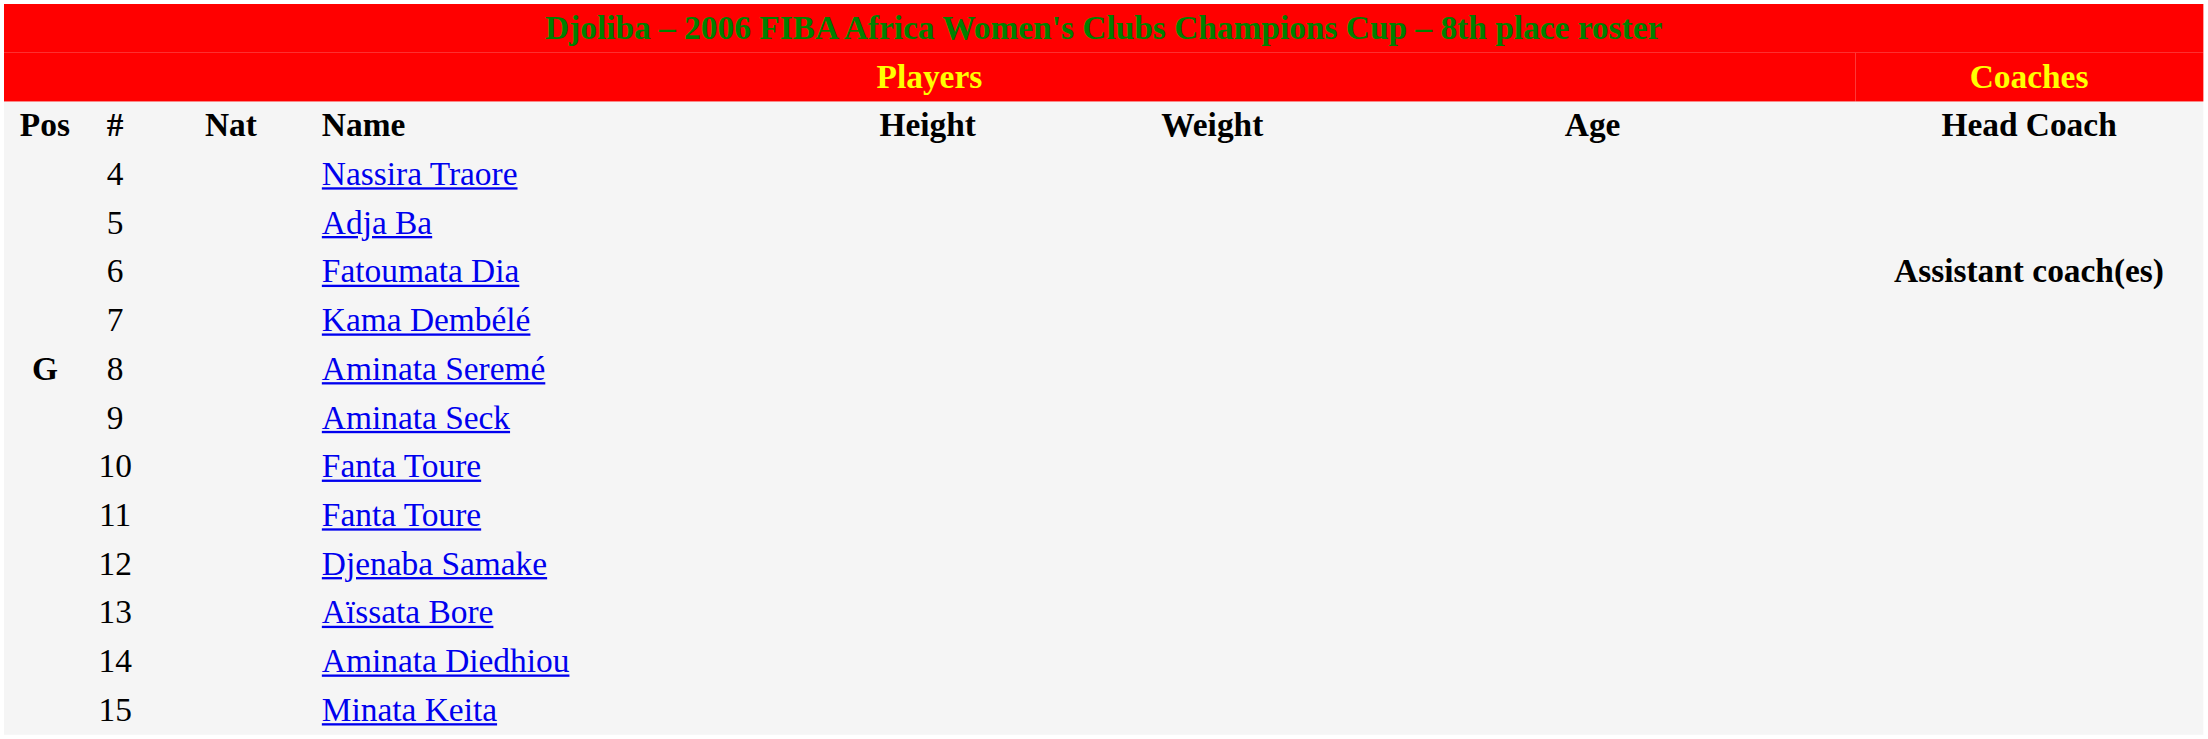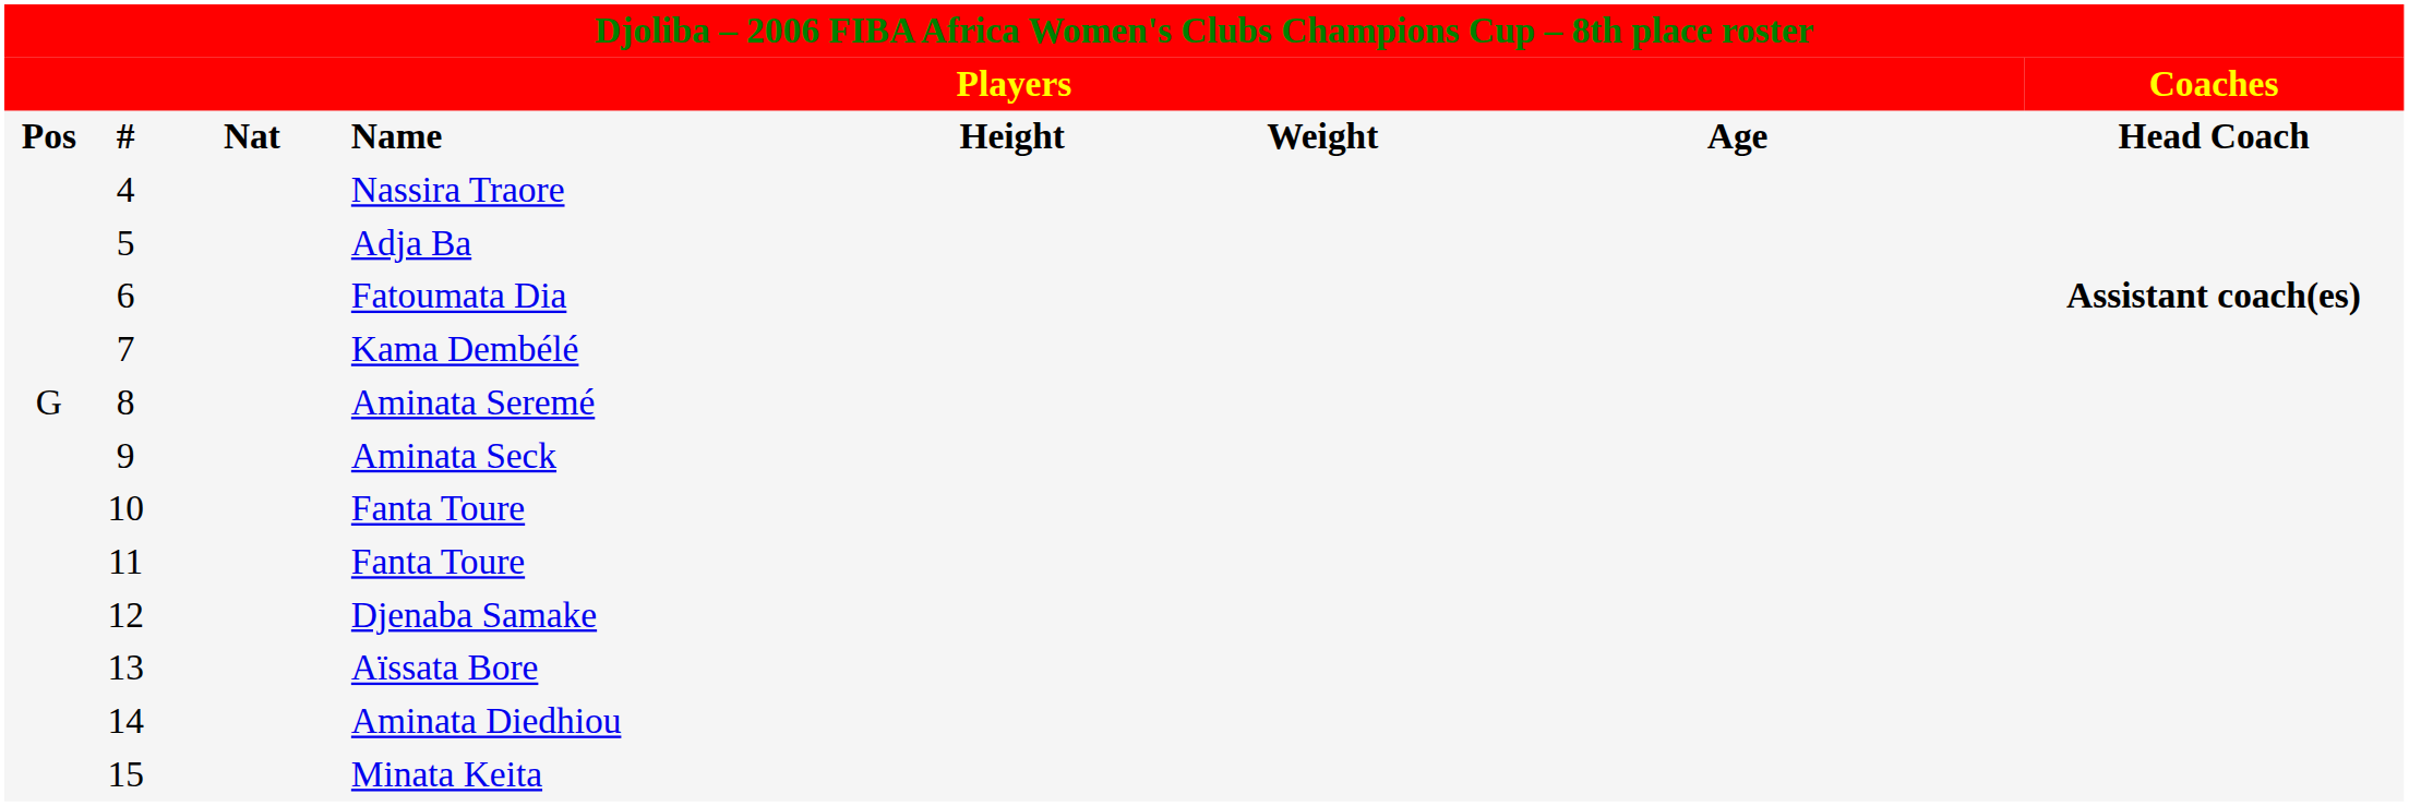 <table border=0 cellpadding=2 cellspacing=0  |- bgcolor=#f5f5f5 style="text-align:center; font-size:90%;" width=75%>
 <tr>
 <td colspan="8" style="background: red; color: green"><strong>Djoliba – 2006 FIBA Africa Women's Clubs Champions Cup – 8th place roster</strong></td>
 </tr>
 <tr>
 <td colspan="7" style="background: red; color: yellow"><strong>Players</strong></td>
 <td style="background: red; color: yellow"><strong>Coaches</strong></td>
 </tr>
 <tr style="background=#f5f5f5; color: black">
 <th width=5px>Pos</th>
 <th width=5px>#</th>
 <th width=50px>Nat</th>
 <th width=135px align=left>Name</th>
 <th width=100px>Height</th>
 <th width=70px>Weight</th>
 <th width=160px>Age</th>
 <th width=105px>Head Coach</th>
 </tr>
 <tr>
 <td></td>
 <td>4</td>
 <td></td>
 <td align=left><a href='#'>Nassira Traore</a></td>
 <td></td>
 <td></td>
 <td><span></span></td>
 <td></td>
 </tr>
 <tr>
 <td></td>
 <td>5</td>
 <td></td>
 <td align=left><a href='#'>Adja Ba</a></td>
 <td></td>
 <td></td>
 <td><span></span></td>
 </tr>
 <tr>
 <td></td>
 <td>6</td>
 <td></td>
 <td align=left><a href='#'>Fatoumata Dia</a></td>
 <td></td>
 <td></td>
 <td><span></span></td>
 <td><strong>Assistant coach(es)</strong></td>
 </tr>
 <tr>
 <td></td>
 <td>7</td>
 <td></td>
 <td align=left><a href='#'>Kama Dembélé</a></td>
 <td></td>
 <td></td>
 <td><span></span></td>
 <td></td>
 </tr>
 <tr>
-<td><strong>G</strong></td>
+<td>G</td>
 <td>8</td>
 <td></td>
 <td align=left><a href='#'>Aminata Seremé</a></td>
 <td><span></span></td>
 <td></td>
 <td><span></span></td>
 <td></td>
 </tr>
 <tr>
 <td></td>
 <td>9</td>
 <td></td>
 <td align=left><a href='#'>Aminata Seck</a></td>
 <td></td>
 <td></td>
 <td><span></span></td>
 </tr>
 <tr>
 <td></td>
 <td>10</td>
 <td></td>
 <td align=left><a href='#'>Fanta Toure</a></td>
 <td></td>
 <td></td>
 <td><span></span></td>
 </tr>
 <tr>
 <td></td>
 <td>11</td>
 <td></td>
 <td align=left><a href='#'>Fanta Toure</a></td>
 <td></td>
 <td></td>
 <td><span></span></td>
 </tr>
 <tr>
 <td></td>
 <td>12</td>
 <td></td>
 <td align=left><a href='#'>Djenaba Samake</a></td>
 <td></td>
 <td></td>
 <td><span></span></td>
 </tr>
 <tr>
 <td></td>
 <td>13</td>
 <td></td>
 <td align=left><a href='#'>Aïssata Bore</a></td>
 <td></td>
 <td></td>
 <td><span></span></td>
 </tr>
 <tr>
 <td></td>
 <td>14</td>
 <td></td>
 <td align=left><a href='#'>Aminata Diedhiou</a></td>
 <td></td>
 <td></td>
 <td><span></span></td>
 </tr>
 <tr>
 <td></td>
 <td>15</td>
 <td></td>
 <td align=left><a href='#'>Minata Keita</a></td>
 <td></td>
 <td></td>
 <td><span></span></td>
 </tr>
 </table>
